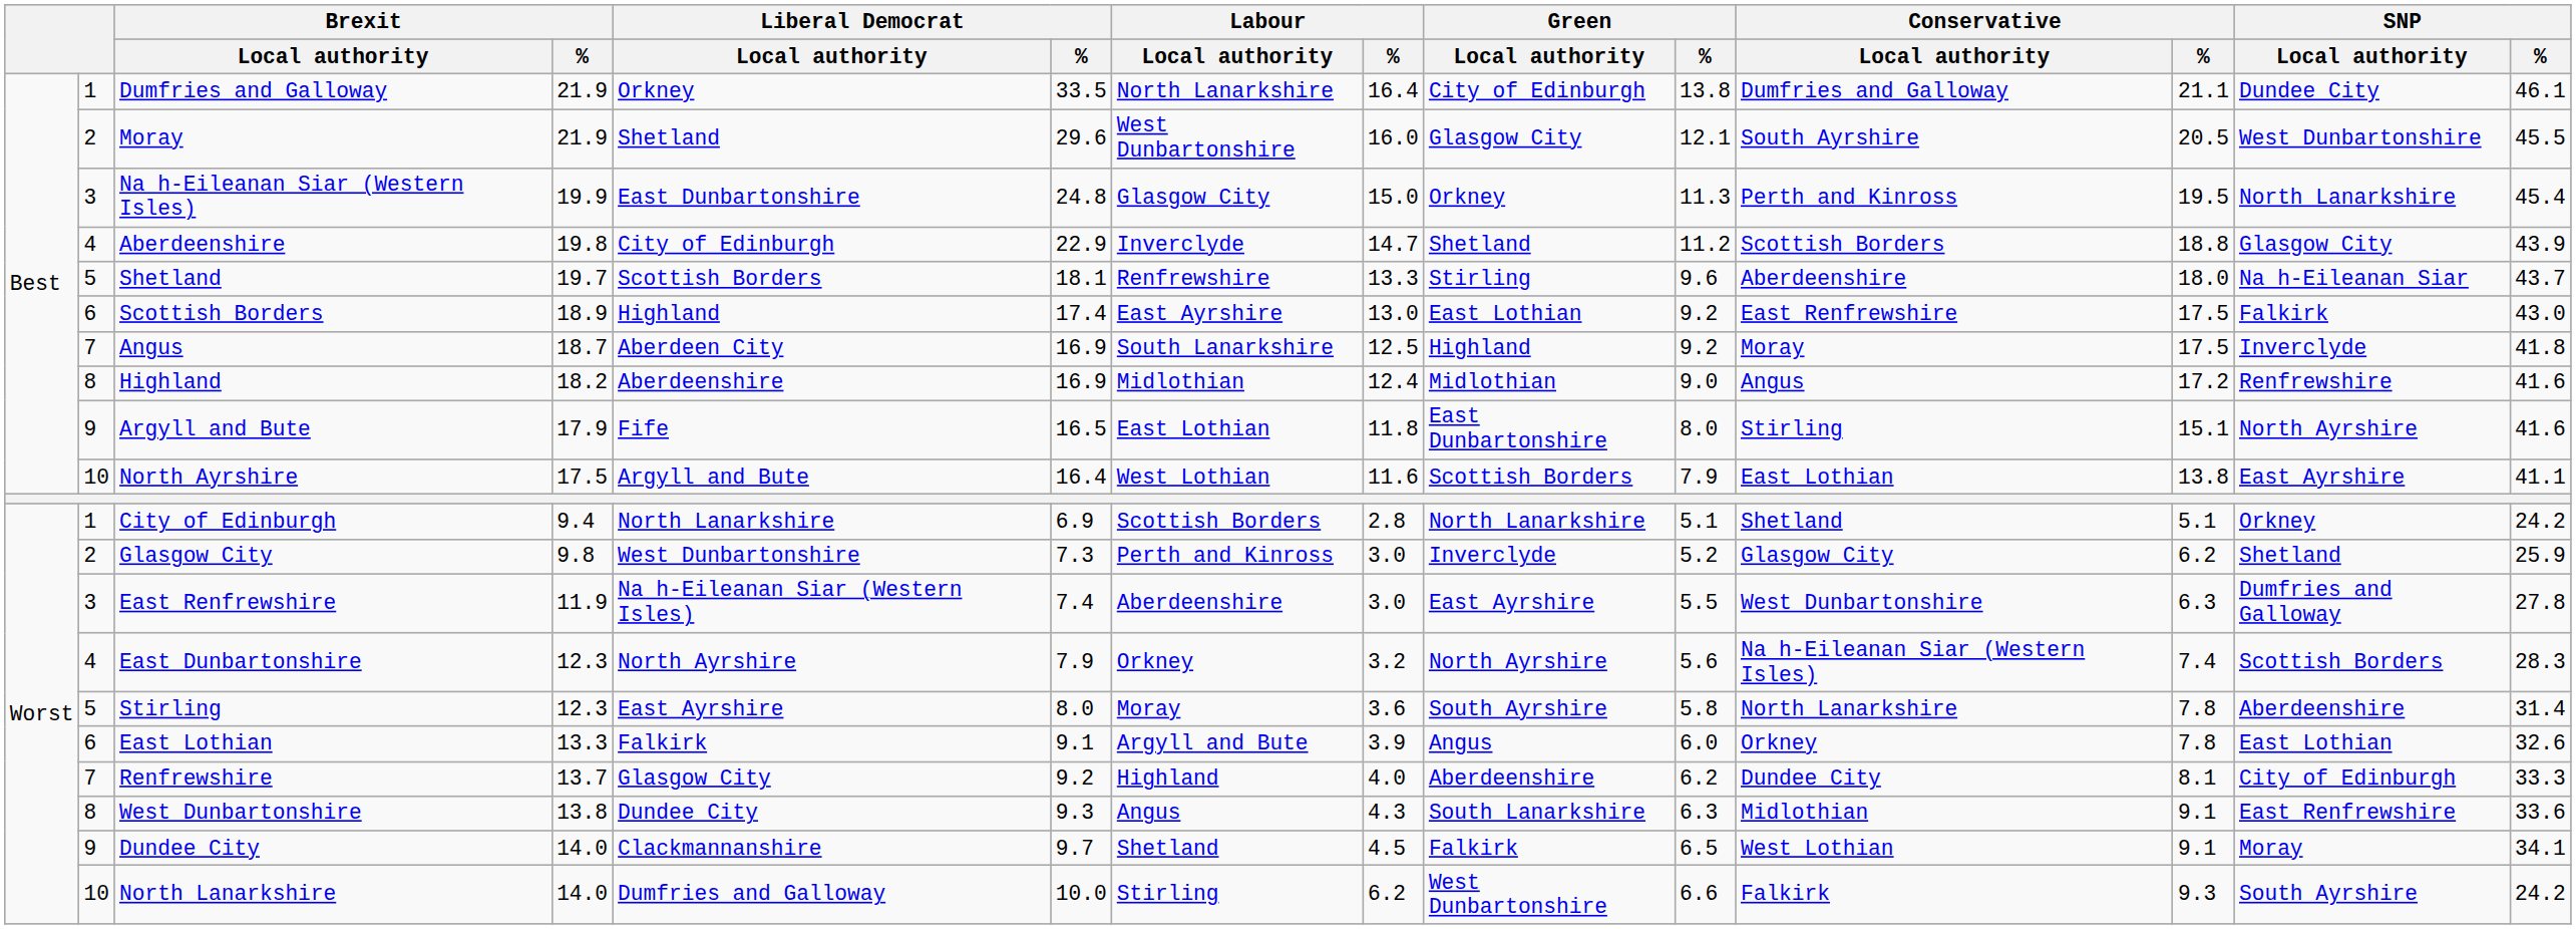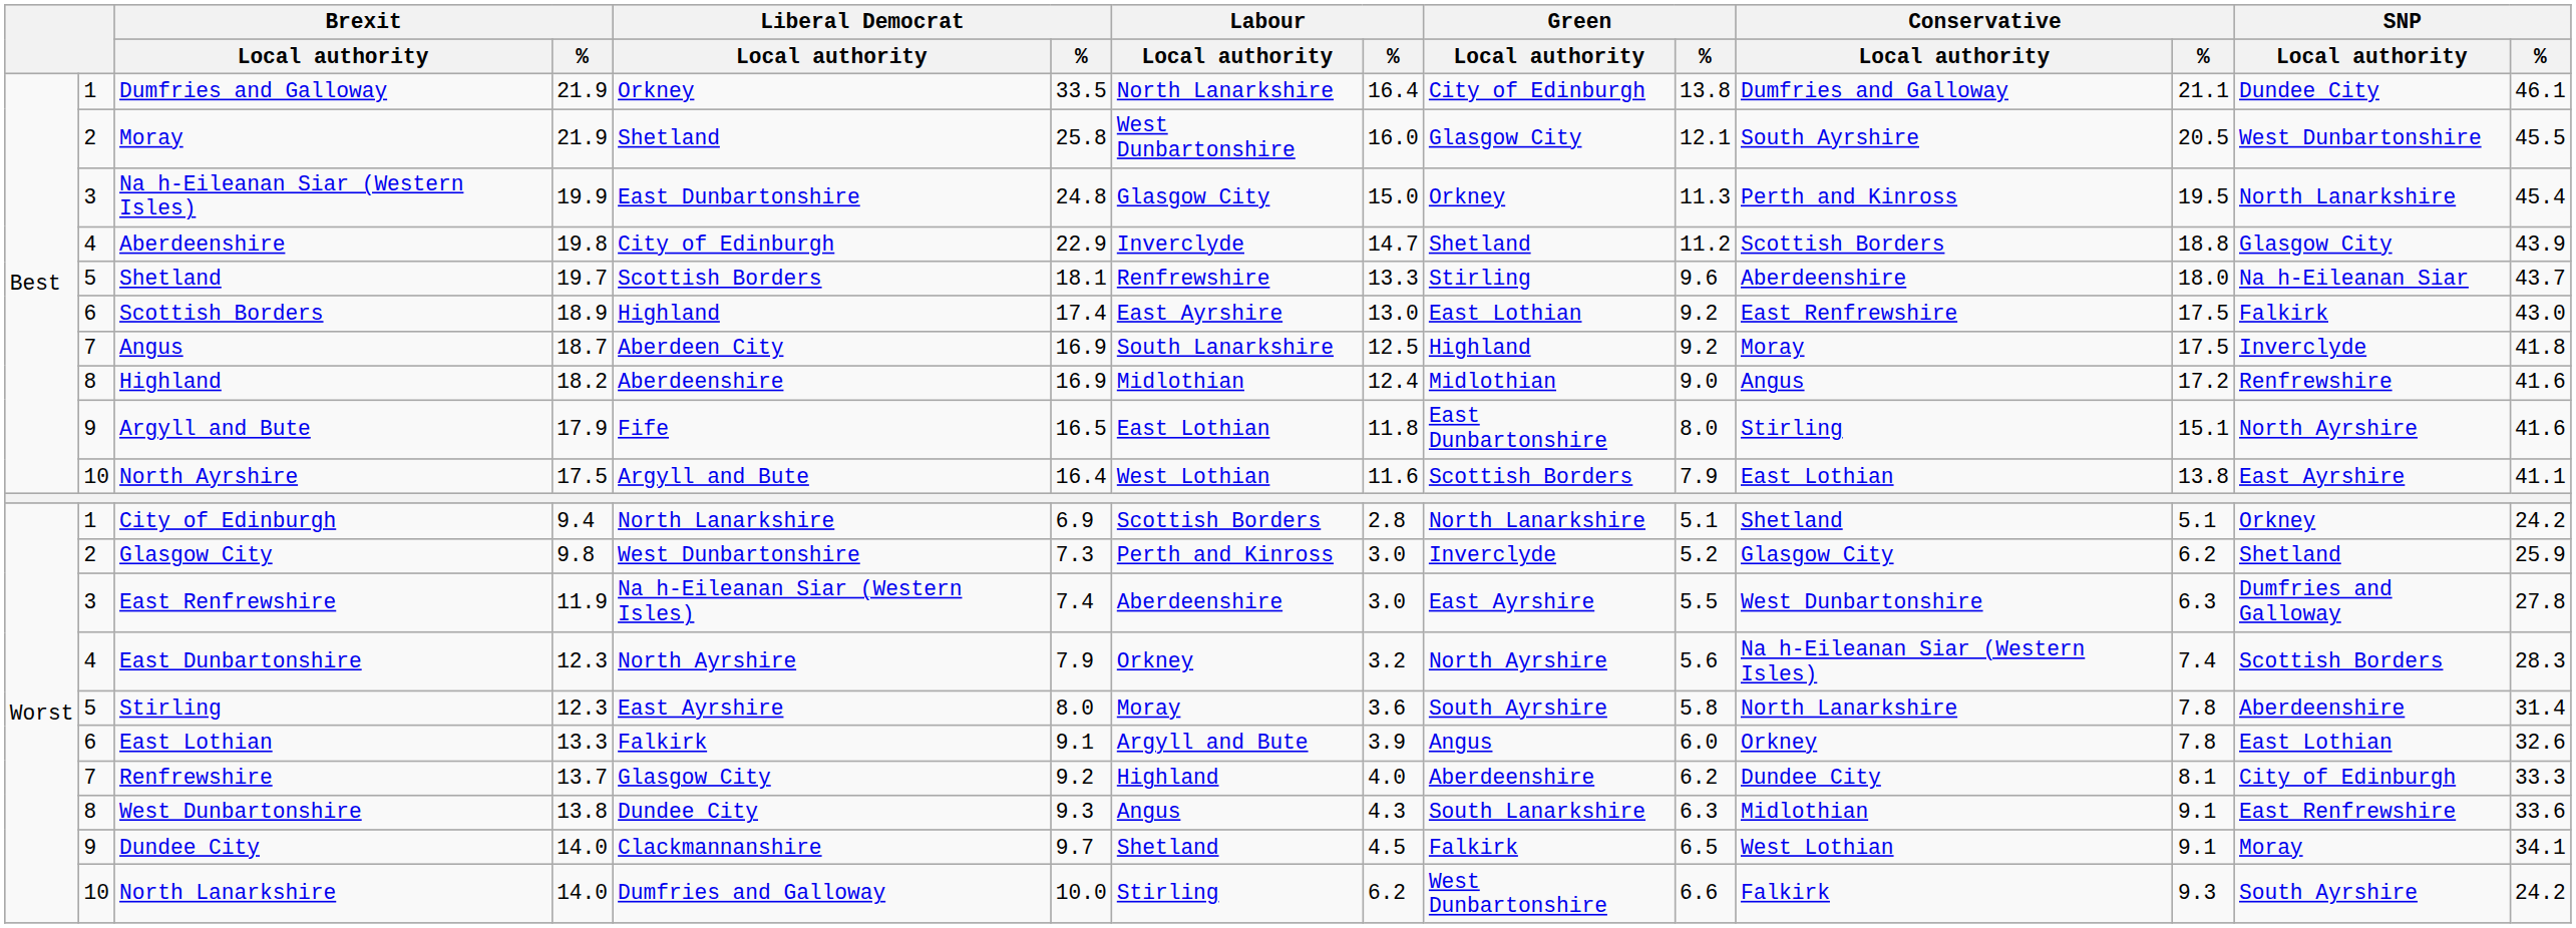 <table class="wikitable">
 <tr>
 <th colspan="2" rowspan="2"></th>
 <th colspan="2">Brexit</th>
 <th colspan="2">Liberal Democrat</th>
 <th colspan="2">Labour</th>
 <th colspan="2">Green</th>
 <th colspan="2">Conservative</th>
 <th colspan="2">SNP</th>
 </tr>
 <tr>
 <th style="text-align:center;">Local authority</th>
 <th style="text-align:center;">%</th>
 <th>Local authority</th>
 <th>%</th>
 <th>Local authority</th>
 <th>%</th>
 <th>Local authority</th>
 <th>%</th>
 <th>Local authority</th>
 <th>%</th>
 <th>Local authority</th>
 <th>%</th>
 </tr>
 <tr>
 <td rowspan="10">Best</td>
 <td>1</td>
 <td><a href='#'>Dumfries and Galloway</a></td>
 <td>21.9</td>
 <td><a href='#'>Orkney</a></td>
 <td>33.5</td>
 <td><a href='#'>North Lanarkshire</a></td>
 <td>16.4</td>
 <td><a href='#'>City of Edinburgh</a></td>
 <td>13.8</td>
 <td><a href='#'>Dumfries and Galloway</a></td>
 <td>21.1</td>
 <td><a href='#'>Dundee City</a></td>
 <td>46.1</td>
 </tr>
 <tr>
 <td>2</td>
 <td><a href='#'>Moray</a></td>
 <td>21.9</td>
 <td><a href='#'>Shetland</a></td>
-<td>29.6</td>
+<td>25.8</td>
 <td><a href='#'>West Dunbartonshire</a></td>
 <td>16.0</td>
 <td><a href='#'>Glasgow City</a></td>
 <td>12.1</td>
 <td><a href='#'>South Ayrshire</a></td>
 <td>20.5</td>
 <td><a href='#'>West Dunbartonshire</a></td>
 <td>45.5</td>
 </tr>
 <tr>
 <td>3</td>
 <td><a href='#'>Na h-Eileanan Siar (Western Isles)</a></td>
 <td>19.9</td>
 <td><a href='#'>East Dunbartonshire</a></td>
 <td>24.8</td>
 <td><a href='#'>Glasgow City</a></td>
 <td>15.0</td>
 <td><a href='#'>Orkney</a></td>
 <td>11.3</td>
 <td><a href='#'>Perth and Kinross</a></td>
 <td>19.5</td>
 <td><a href='#'>North Lanarkshire</a></td>
 <td>45.4</td>
 </tr>
 <tr>
 <td>4</td>
 <td><a href='#'>Aberdeenshire</a></td>
 <td>19.8</td>
 <td><a href='#'>City of Edinburgh</a></td>
 <td>22.9</td>
 <td><a href='#'>Inverclyde</a></td>
 <td>14.7</td>
 <td><a href='#'>Shetland</a></td>
 <td>11.2</td>
 <td><a href='#'>Scottish Borders</a></td>
 <td>18.8</td>
 <td><a href='#'>Glasgow City</a></td>
 <td>43.9</td>
 </tr>
 <tr>
 <td>5</td>
 <td><a href='#'>Shetland</a></td>
 <td>19.7</td>
 <td><a href='#'>Scottish Borders</a></td>
 <td>18.1</td>
 <td><a href='#'>Renfrewshire</a></td>
 <td>13.3</td>
 <td><a href='#'>Stirling</a></td>
 <td>9.6</td>
 <td><a href='#'>Aberdeenshire</a></td>
 <td>18.0</td>
 <td><a href='#'>Na h-Eileanan Siar</a></td>
 <td>43.7</td>
 </tr>
 <tr>
 <td>6</td>
 <td><a href='#'>Scottish Borders</a></td>
 <td>18.9</td>
 <td><a href='#'>Highland</a></td>
 <td>17.4</td>
 <td><a href='#'>East Ayrshire</a></td>
 <td>13.0</td>
 <td><a href='#'>East Lothian</a></td>
 <td>9.2</td>
 <td><a href='#'>East Renfrewshire</a></td>
 <td>17.5</td>
 <td><a href='#'>Falkirk</a></td>
 <td>43.0</td>
 </tr>
 <tr>
 <td>7</td>
 <td><a href='#'>Angus</a></td>
 <td>18.7</td>
 <td><a href='#'>Aberdeen City</a></td>
 <td>16.9</td>
 <td><a href='#'>South Lanarkshire</a></td>
 <td>12.5</td>
 <td><a href='#'>Highland</a></td>
 <td>9.2</td>
 <td><a href='#'>Moray</a></td>
 <td>17.5</td>
 <td><a href='#'>Inverclyde</a></td>
 <td>41.8</td>
 </tr>
 <tr>
 <td>8</td>
 <td><a href='#'>Highland</a></td>
 <td>18.2</td>
 <td><a href='#'>Aberdeenshire</a></td>
 <td>16.9</td>
 <td><a href='#'>Midlothian</a></td>
 <td>12.4</td>
 <td><a href='#'>Midlothian</a></td>
 <td>9.0</td>
 <td><a href='#'>Angus</a></td>
 <td>17.2</td>
 <td><a href='#'>Renfrewshire</a></td>
 <td>41.6</td>
 </tr>
 <tr>
 <td>9</td>
 <td><a href='#'>Argyll and Bute</a></td>
 <td>17.9</td>
 <td><a href='#'>Fife</a></td>
 <td>16.5</td>
 <td><a href='#'>East Lothian</a></td>
 <td>11.8</td>
 <td><a href='#'>East Dunbartonshire</a></td>
 <td>8.0</td>
 <td><a href='#'>Stirling</a></td>
 <td>15.1</td>
 <td><a href='#'>North Ayrshire</a></td>
 <td>41.6</td>
 </tr>
 <tr>
 <td>10</td>
 <td><a href='#'>North Ayrshire</a></td>
 <td>17.5</td>
 <td><a href='#'>Argyll and Bute</a></td>
 <td>16.4</td>
 <td><a href='#'>West Lothian</a></td>
 <td>11.6</td>
 <td><a href='#'>Scottish Borders</a></td>
 <td>7.9</td>
 <td><a href='#'>East Lothian</a></td>
 <td>13.8</td>
 <td><a href='#'>East Ayrshire</a></td>
 <td>41.1</td>
 </tr>
 <tr>
 <th colspan="14"></th>
 </tr>
 <tr>
 <td rowspan="10">Worst</td>
 <td>1</td>
 <td><a href='#'>City of Edinburgh</a></td>
 <td>9.4</td>
 <td><a href='#'>North Lanarkshire</a></td>
 <td>6.9</td>
 <td><a href='#'>Scottish Borders</a></td>
 <td>2.8</td>
 <td><a href='#'>North Lanarkshire</a></td>
 <td>5.1</td>
 <td><a href='#'>Shetland</a></td>
 <td>5.1</td>
 <td><a href='#'>Orkney</a></td>
 <td>24.2</td>
 </tr>
 <tr>
 <td>2</td>
 <td><a href='#'>Glasgow City</a></td>
 <td>9.8</td>
 <td><a href='#'>West Dunbartonshire</a></td>
 <td>7.3</td>
 <td><a href='#'>Perth and Kinross</a></td>
 <td>3.0</td>
 <td><a href='#'>Inverclyde</a></td>
 <td>5.2</td>
 <td><a href='#'>Glasgow City</a></td>
 <td>6.2</td>
 <td><a href='#'>Shetland</a></td>
 <td>25.9</td>
 </tr>
 <tr>
 <td>3</td>
 <td><a href='#'>East Renfrewshire</a></td>
 <td>11.9</td>
 <td><a href='#'>Na h-Eileanan Siar (Western Isles)</a></td>
 <td>7.4</td>
 <td><a href='#'>Aberdeenshire</a></td>
 <td>3.0</td>
 <td><a href='#'>East Ayrshire</a></td>
 <td>5.5</td>
 <td><a href='#'>West Dunbartonshire</a></td>
 <td>6.3</td>
 <td><a href='#'>Dumfries and Galloway</a></td>
 <td>27.8</td>
 </tr>
 <tr>
 <td>4</td>
 <td><a href='#'>East Dunbartonshire</a></td>
 <td>12.3</td>
 <td><a href='#'>North Ayrshire</a></td>
 <td>7.9</td>
 <td><a href='#'>Orkney</a></td>
 <td>3.2</td>
 <td><a href='#'>North Ayrshire</a></td>
 <td>5.6</td>
 <td><a href='#'>Na h-Eileanan Siar (Western Isles)</a></td>
 <td>7.4</td>
 <td><a href='#'>Scottish Borders</a></td>
 <td>28.3</td>
 </tr>
 <tr>
 <td>5</td>
 <td><a href='#'>Stirling</a></td>
 <td>12.3</td>
 <td><a href='#'>East Ayrshire</a></td>
 <td>8.0</td>
 <td><a href='#'>Moray</a></td>
 <td>3.6</td>
 <td><a href='#'>South Ayrshire</a></td>
 <td>5.8</td>
 <td><a href='#'>North Lanarkshire</a></td>
 <td>7.8</td>
 <td><a href='#'>Aberdeenshire</a></td>
 <td>31.4</td>
 </tr>
 <tr>
 <td>6</td>
 <td><a href='#'>East Lothian</a></td>
 <td>13.3</td>
 <td><a href='#'>Falkirk</a></td>
 <td>9.1</td>
 <td><a href='#'>Argyll and Bute</a></td>
 <td>3.9</td>
 <td><a href='#'>Angus</a></td>
 <td>6.0</td>
 <td><a href='#'>Orkney</a></td>
 <td>7.8</td>
 <td><a href='#'>East Lothian</a></td>
 <td>32.6</td>
 </tr>
 <tr>
 <td>7</td>
 <td><a href='#'>Renfrewshire</a></td>
 <td>13.7</td>
 <td><a href='#'>Glasgow City</a></td>
 <td>9.2</td>
 <td><a href='#'>Highland</a></td>
 <td>4.0</td>
 <td><a href='#'>Aberdeenshire</a></td>
 <td>6.2</td>
 <td><a href='#'>Dundee City</a></td>
 <td>8.1</td>
 <td><a href='#'>City of Edinburgh</a></td>
 <td>33.3</td>
 </tr>
 <tr>
 <td>8</td>
 <td><a href='#'>West Dunbartonshire</a></td>
 <td>13.8</td>
 <td><a href='#'>Dundee City</a></td>
 <td>9.3</td>
 <td><a href='#'>Angus</a></td>
 <td>4.3</td>
 <td><a href='#'>South Lanarkshire</a></td>
 <td>6.3</td>
 <td><a href='#'>Midlothian</a></td>
 <td>9.1</td>
 <td><a href='#'>East Renfrewshire</a></td>
 <td>33.6</td>
 </tr>
 <tr>
 <td>9</td>
 <td><a href='#'>Dundee City</a></td>
 <td>14.0</td>
 <td><a href='#'>Clackmannanshire</a></td>
 <td>9.7</td>
 <td><a href='#'>Shetland</a></td>
 <td>4.5</td>
 <td><a href='#'>Falkirk</a></td>
 <td>6.5</td>
 <td><a href='#'>West Lothian</a></td>
 <td>9.1</td>
 <td><a href='#'>Moray</a></td>
 <td>34.1</td>
 </tr>
 <tr>
 <td>10</td>
 <td><a href='#'>North Lanarkshire</a></td>
 <td>14.0</td>
 <td><a href='#'>Dumfries and Galloway</a></td>
 <td>10.0</td>
 <td><a href='#'>Stirling</a></td>
 <td>6.2</td>
 <td><a href='#'>West Dunbartonshire</a></td>
 <td>6.6</td>
 <td><a href='#'>Falkirk</a></td>
 <td>9.3</td>
 <td><a href='#'>South Ayrshire</a></td>
 <td>24.2</td>
 </tr>
 </table>
